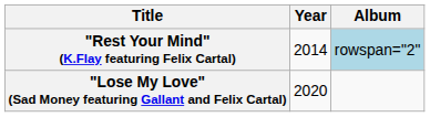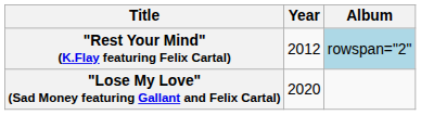 <table class="wikitable plainrowheaders" style="text-align:center;">
 <tr>
 <th>Title</th>
 <th>Year</th>
 <th>Album</th>
 </tr>
 <tr>
 <th scope="row">"Rest Your Mind"<br><small>(<a href='#'>K.Flay</a> featuring Felix Cartal)</small></th>
-<td>2014</td>
+<td>2012</td>
 <td style="background: lightblue;">rowspan="2" </td>
 </tr>
 <tr>
 <th scope="row">"Lose My Love" <br><small>(Sad Money featuring <a href='#'>Gallant</a> and Felix Cartal)</small></th>
 <td>2020</td>
 </tr>
 </table>
